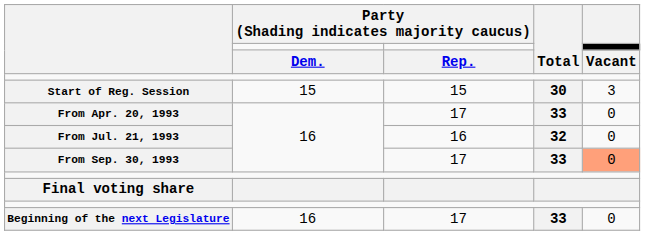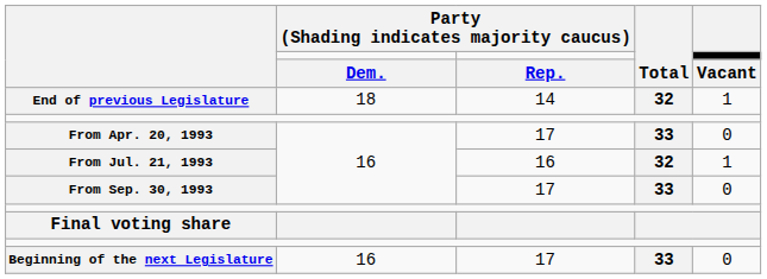 <table class=wikitable style="text-align:center">
 <tr style="vertical-align:bottom;">
 <th rowspan=3></th>
 <th colspan=2>Party <div>(Shading indicates majority caucus)</div></th>
 <th rowspan=3>Total</th>
 <th></th>
 </tr>
 <tr style="height:5px">
 <td style="background-color:"></td>
 <td style="background-color:"></td>
 <td style="background:black;"></td>
 </tr>
 <tr>
 <th><a href='#'>Dem.</a></th>
 <th><a href='#'>Rep.</a></th>
 <th>Vacant</th>
 </tr>
 <tr>
-<td colspan=5></td>
+<th style="font-size:80%;">End of <a href='#'>previous Legislature</a></th>
+<td>18</td>
+<td>14</td>
+<th>32</th>
+<td>1</td>
 </tr>
 <tr>
-<th style="font-size:80%;">Start of Reg. Session</th>
-<td>15</td>
-<td>15</td>
-<th>30</th>
-<td>3</td>
+<td colspan=5></td>
 </tr>
 <tr>
 <th style="font-size:80%;">From Apr. 20, 1993</th>
 <td rowspan="3">16</td>
 <td>17</td>
 <th>33</th>
 <td>0</td>
 </tr>
 <tr>
 <th style="font-size:80%;">From Jul. 21, 1993</th>
 <td>16</td>
 <th>32</th>
-<td>0</td>
+<td>1</td>
 </tr>
 <tr>
 <th style="font-size:80%;">From Sep. 30, 1993</th>
 <td>17</td>
 <th>33</th>
-<td style="background: lightsalmon;">0</td>
+<td>0</td>
 </tr>
 <tr>
 <td colspan=5></td>
 </tr>
 <tr>
 <th>Final voting share</th>
 <th></th>
 <th></th>
 <th colspan=2></th>
 </tr>
 <tr>
 <td colspan=5></td>
 </tr>
 <tr>
 <th style="font-size:80%;">Beginning of the <a href='#'>next Legislature</a></th>
 <td>16</td>
 <td>17</td>
 <th>33</th>
 <td>0</td>
 </tr>
 </table>
